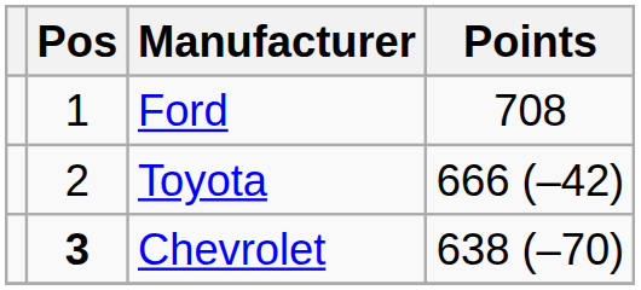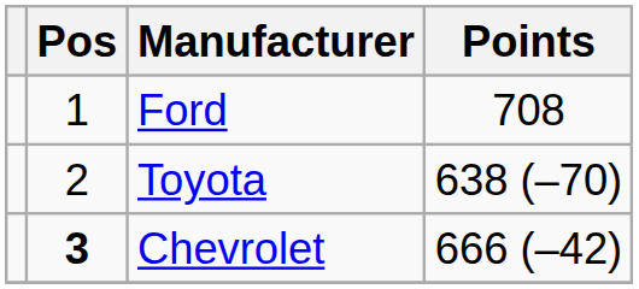 <table class="wikitable" style="font-size: 95%">
 <tr>
 <th></th>
 <th>Pos</th>
 <th>Manufacturer</th>
 <th>Points</th>
 </tr>
 <tr>
 <td align="left"></td>
 <td style="text-align:center;">1</td>
 <td><a href='#'>Ford</a></td>
 <td style="text-align:center;">708</td>
 </tr>
 <tr>
 <td align="left"></td>
 <td style="text-align:center;">2</td>
 <td><a href='#'>Toyota</a></td>
-<td style="text-align:center;">666 (–42)</td>
+<td style="text-align:center;">638 (–70)</td>
 </tr>
 <tr>
 <td align="left"></td>
 <td style="text-align:center;"><strong>3</strong></td>
 <td><a href='#'>Chevrolet</a></td>
-<td style="text-align:center;">638 (–70)</td>
+<td style="text-align:center;">666 (–42)</td>
 </tr>
 <tr class="sortbottom">
 </tr>
 </table>
